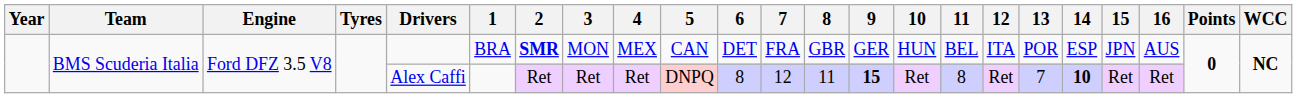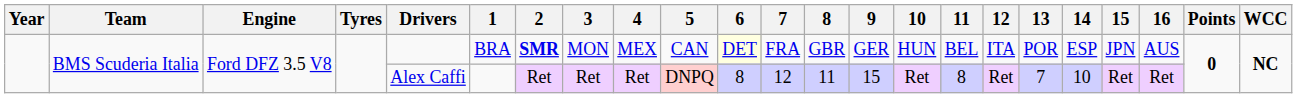 <table class="wikitable" style="text-align:center; font-size:90%">
 <tr>
 <th>Year</th>
 <th>Team</th>
 <th>Engine</th>
 <th>Tyres</th>
 <th>Drivers</th>
 <th>1</th>
 <th>2</th>
 <th>3</th>
 <th>4</th>
 <th>5</th>
 <th>6</th>
 <th>7</th>
 <th>8</th>
 <th>9</th>
 <th>10</th>
 <th>11</th>
 <th>12</th>
 <th>13</th>
 <th>14</th>
 <th>15</th>
 <th>16</th>
 <th>Points</th>
 <th>WCC</th>
 </tr>
 <tr>
 <td rowspan="2"></td>
 <td rowspan="2"><a href='#'>BMS Scuderia Italia</a></td>
 <td rowspan="2"><a href='#'>Ford DFZ</a> 3.5 <a href='#'>V8</a></td>
 <td rowspan="2"></td>
 <td></td>
 <td><a href='#'>BRA</a></td>
 <td><strong><a href='#'>SMR</a></strong></td>
 <td><a href='#'>MON</a></td>
 <td><a href='#'>MEX</a></td>
 <td><a href='#'>CAN</a></td>
-<td><a href='#'>DET</a></td>
+<td style="background: lightyellow;"><a href='#'>DET</a></td>
 <td><a href='#'>FRA</a></td>
 <td><a href='#'>GBR</a></td>
 <td><a href='#'>GER</a></td>
 <td><a href='#'>HUN</a></td>
 <td><a href='#'>BEL</a></td>
 <td><a href='#'>ITA</a></td>
 <td><a href='#'>POR</a></td>
 <td><a href='#'>ESP</a></td>
 <td><a href='#'>JPN</a></td>
 <td><a href='#'>AUS</a></td>
 <td rowspan="2"><strong>0</strong></td>
 <td rowspan="2"><strong>NC</strong></td>
 </tr>
 <tr>
 <td><a href='#'>Alex Caffi</a></td>
 <td></td>
 <td style="background:#EFCFFF;">Ret</td>
 <td style="background:#EFCFFF;">Ret</td>
 <td style="background:#EFCFFF;">Ret</td>
 <td style="background:#FFCFCF;">DNPQ</td>
 <td style="background:#CFCFFF;">8</td>
 <td style="background:#CFCFFF;">12</td>
 <td style="background:#CFCFFF;">11</td>
-<td style="background:#CFCFFF;"><strong>15</strong></td>
+<td style="background:#CFCFFF;">15</td>
 <td style="background:#EFCFFF;">Ret</td>
 <td style="background:#CFCFFF;">8</td>
 <td style="background:#EFCFFF;">Ret</td>
 <td style="background:#CFCFFF;">7</td>
-<td style="background:#CFCFFF;"><strong>10</strong></td>
+<td style="background:#CFCFFF;">10</td>
 <td style="background:#EFCFFF;">Ret</td>
 <td style="background:#EFCFFF;">Ret</td>
 </tr>
 </table>
